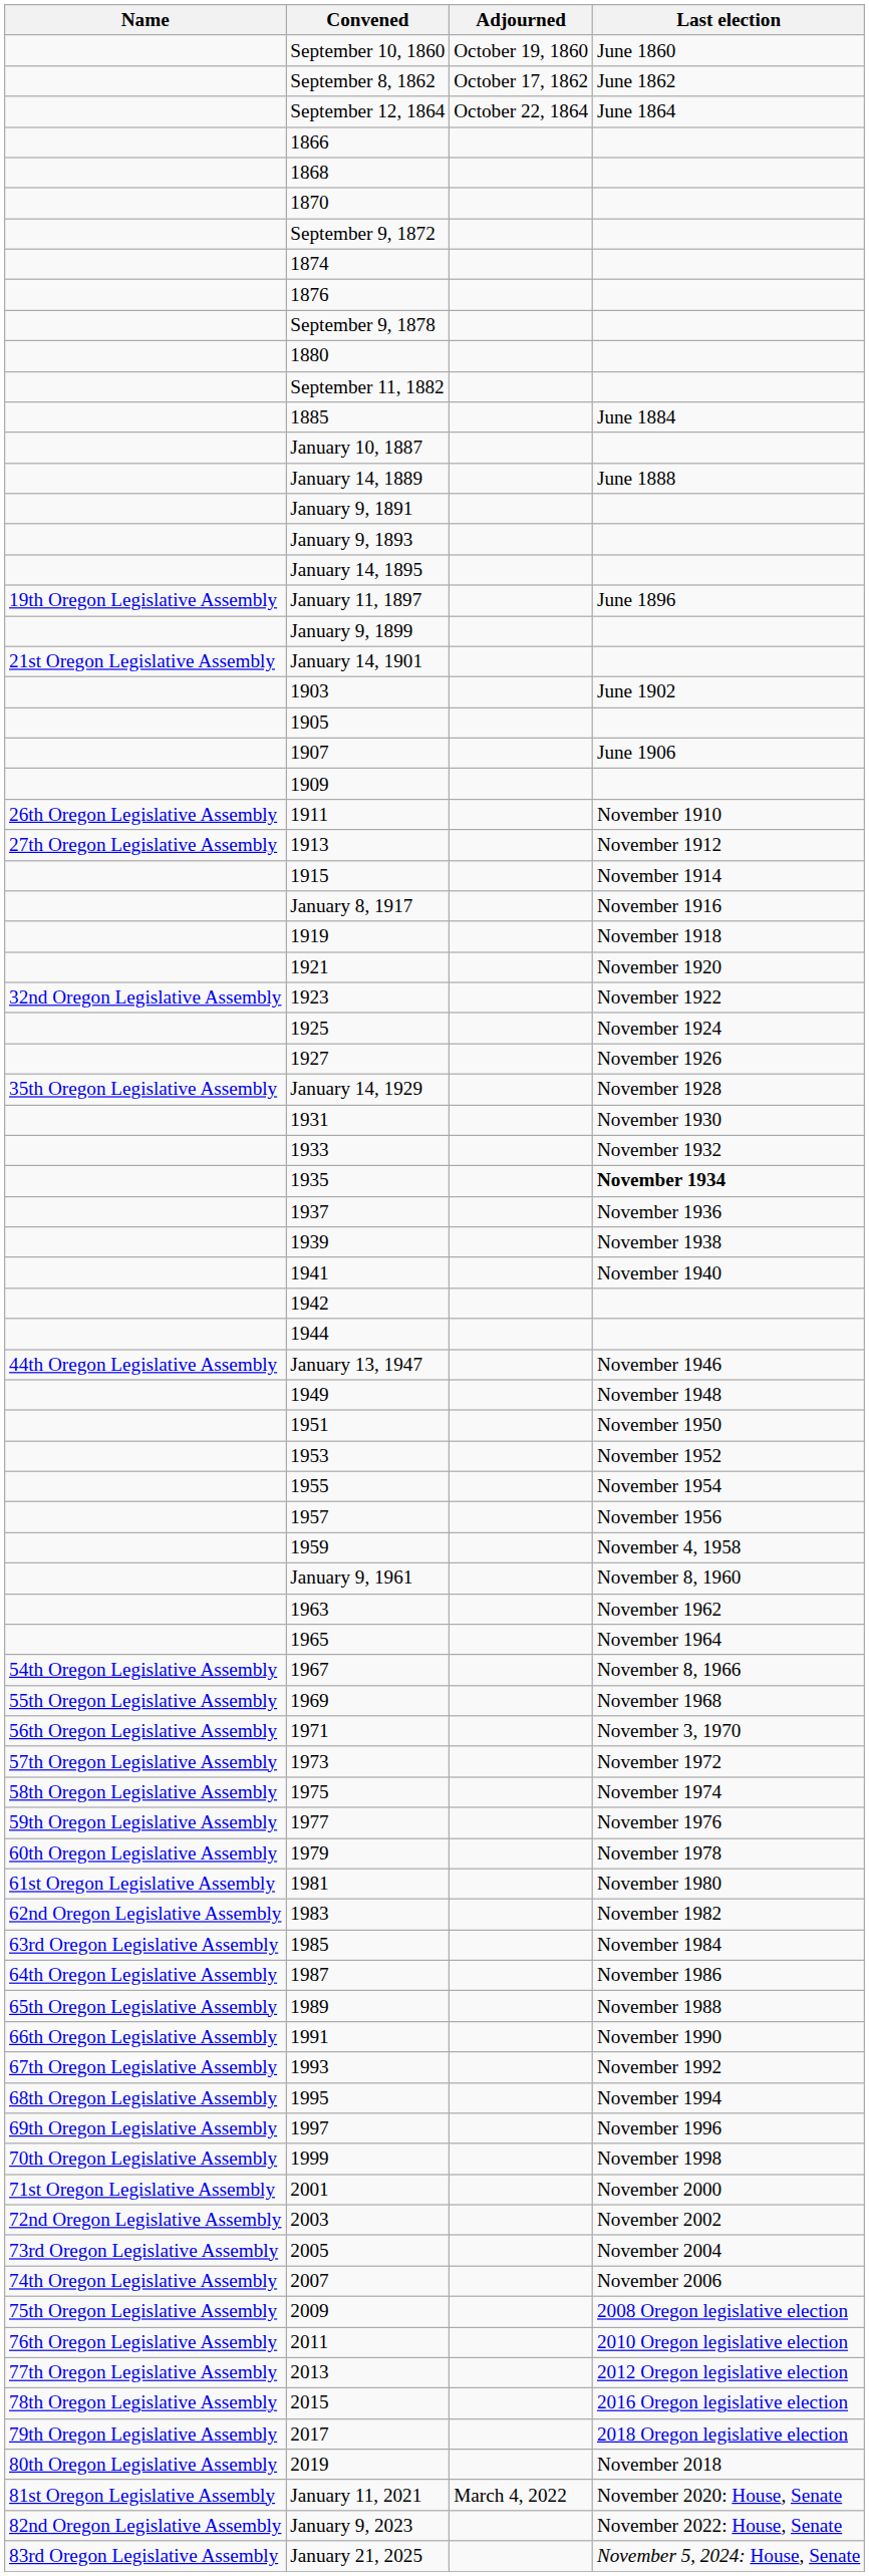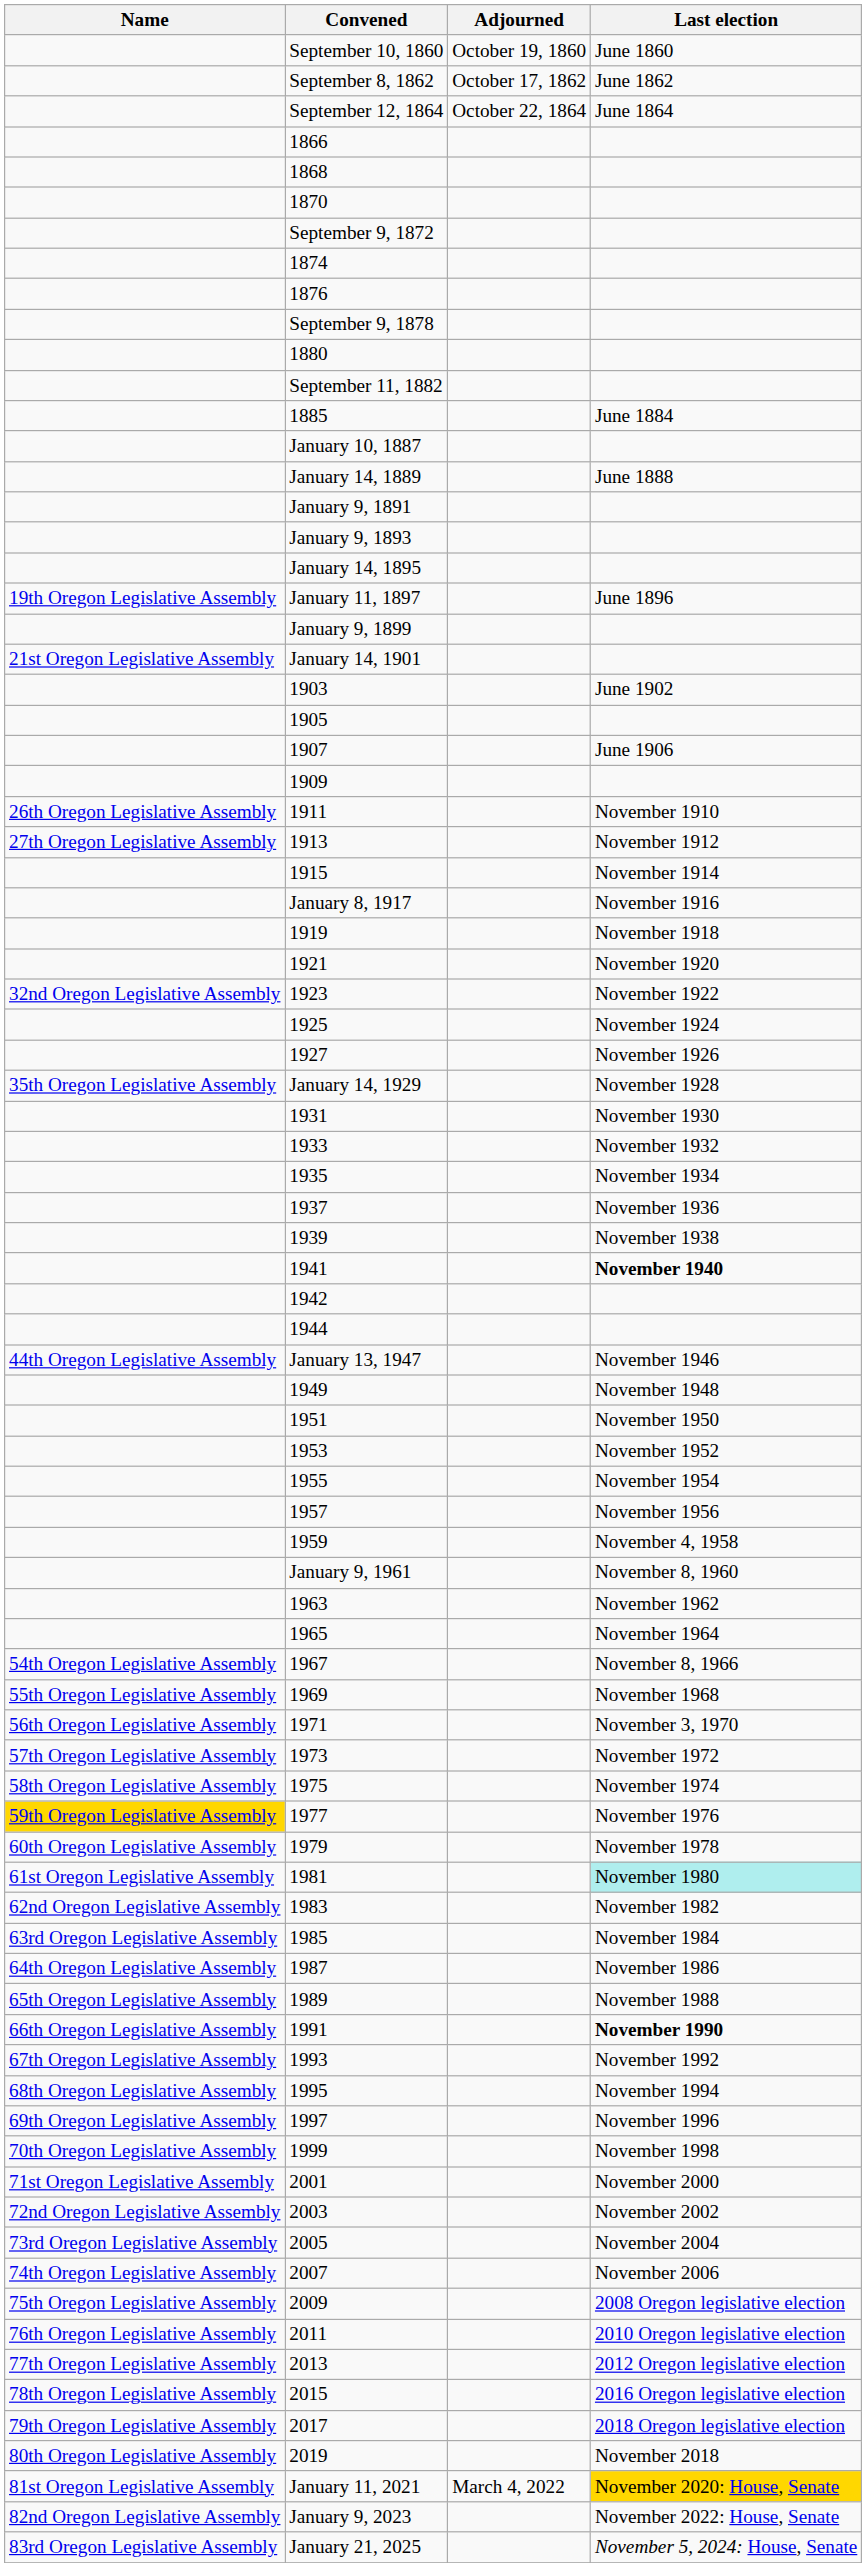 <table class="wikitable mw-datatable sticky-header">
 <tr>
 <th>Name</th>
 <th>Convened</th>
 <th>Adjourned</th>
 <th>Last election</th>
 </tr>
 <tr>
 <td></td>
 <td>September 10, 1860</td>
 <td>October 19, 1860</td>
 <td>June 1860</td>
 </tr>
 <tr>
 <td></td>
 <td>September 8, 1862</td>
 <td>October 17, 1862</td>
 <td>June 1862</td>
 </tr>
 <tr>
 <td></td>
 <td>September 12, 1864</td>
 <td>October 22, 1864</td>
 <td>June 1864</td>
 </tr>
 <tr>
 <td></td>
 <td>1866</td>
 <td></td>
 <td></td>
 </tr>
 <tr>
 <td></td>
 <td>1868</td>
 <td></td>
 <td></td>
 </tr>
 <tr>
 <td></td>
 <td>1870</td>
 <td></td>
 <td></td>
 </tr>
 <tr>
 <td></td>
 <td>September 9, 1872 </td>
 <td></td>
 <td></td>
 </tr>
 <tr>
 <td></td>
 <td>1874</td>
 <td></td>
 <td></td>
 </tr>
 <tr>
 <td></td>
 <td>1876</td>
 <td></td>
 <td></td>
 </tr>
 <tr>
 <td></td>
 <td>September 9, 1878 </td>
 <td></td>
 <td></td>
 </tr>
 <tr>
 <td></td>
 <td>1880</td>
 <td></td>
 <td></td>
 </tr>
 <tr>
 <td></td>
 <td>September 11, 1882 </td>
 <td></td>
 <td></td>
 </tr>
 <tr>
 <td></td>
 <td>1885</td>
 <td></td>
 <td>June 1884 </td>
 </tr>
 <tr>
 <td></td>
 <td>January 10, 1887 </td>
 <td></td>
 <td></td>
 </tr>
 <tr>
 <td></td>
 <td>January 14, 1889 </td>
 <td></td>
 <td>June 1888 </td>
 </tr>
 <tr>
 <td></td>
 <td>January 9, 1891 </td>
 <td></td>
 <td></td>
 </tr>
 <tr>
 <td></td>
 <td>January 9, 1893 </td>
 <td></td>
 <td></td>
 </tr>
 <tr>
 <td></td>
 <td>January 14, 1895 </td>
 <td></td>
 <td></td>
 </tr>
 <tr>
 <td><a href='#'>19th Oregon Legislative Assembly</a></td>
 <td>January 11, 1897 </td>
 <td></td>
 <td>June 1896 </td>
 </tr>
 <tr>
 <td></td>
 <td>January 9, 1899 </td>
 <td></td>
 <td></td>
 </tr>
 <tr>
 <td><a href='#'>21st Oregon Legislative Assembly</a></td>
 <td>January 14, 1901</td>
 <td></td>
 <td></td>
 </tr>
 <tr>
 <td></td>
 <td>1903</td>
 <td></td>
 <td>June 1902</td>
 </tr>
 <tr>
 <td></td>
 <td>1905</td>
 <td></td>
 <td></td>
 </tr>
 <tr>
 <td></td>
 <td>1907</td>
 <td></td>
 <td>June 1906</td>
 </tr>
 <tr>
 <td></td>
 <td>1909</td>
 <td></td>
 <td></td>
 </tr>
 <tr>
 <td><a href='#'>26th Oregon Legislative Assembly</a></td>
 <td>1911</td>
 <td></td>
 <td>November 1910 </td>
 </tr>
 <tr>
 <td><a href='#'>27th Oregon Legislative Assembly</a></td>
 <td>1913 </td>
 <td></td>
 <td>November 1912</td>
 </tr>
 <tr>
 <td></td>
 <td>1915 </td>
 <td></td>
 <td>November 1914</td>
 </tr>
 <tr>
 <td></td>
 <td>January 8, 1917 </td>
 <td></td>
 <td>November 1916</td>
 </tr>
 <tr>
 <td></td>
 <td>1919 </td>
 <td></td>
 <td>November 1918</td>
 </tr>
 <tr>
 <td></td>
 <td>1921 </td>
 <td></td>
 <td>November 1920</td>
 </tr>
 <tr>
 <td><a href='#'>32nd Oregon Legislative Assembly</a></td>
 <td>1923 </td>
 <td></td>
 <td>November 1922</td>
 </tr>
 <tr>
 <td></td>
 <td>1925 </td>
 <td></td>
 <td>November 1924</td>
 </tr>
 <tr>
 <td></td>
 <td>1927 </td>
 <td></td>
 <td>November 1926</td>
 </tr>
 <tr>
 <td><a href='#'>35th Oregon Legislative Assembly</a></td>
 <td>January 14, 1929</td>
 <td></td>
 <td>November 1928</td>
 </tr>
 <tr>
 <td></td>
 <td>1931</td>
 <td></td>
 <td>November 1930</td>
 </tr>
 <tr>
 <td></td>
 <td>1933</td>
 <td></td>
 <td>November 1932</td>
 </tr>
 <tr>
 <td></td>
 <td>1935</td>
 <td></td>
-<td><strong>November 1934</strong></td>
+<td>November 1934</td>
 </tr>
 <tr>
 <td></td>
 <td>1937</td>
 <td></td>
 <td>November 1936</td>
 </tr>
 <tr>
 <td></td>
 <td>1939</td>
 <td></td>
 <td>November 1938</td>
 </tr>
 <tr>
 <td></td>
 <td>1941</td>
 <td></td>
-<td>November 1940</td>
+<td><strong>November 1940</strong></td>
 </tr>
 <tr>
 <td></td>
 <td>1942</td>
 <td></td>
 <td></td>
 </tr>
 <tr>
 <td></td>
 <td>1944</td>
 <td></td>
 <td></td>
 </tr>
 <tr>
 <td><a href='#'>44th Oregon Legislative Assembly</a></td>
 <td>January 13, 1947</td>
 <td></td>
 <td>November 1946</td>
 </tr>
 <tr>
 <td></td>
 <td>1949</td>
 <td></td>
 <td>November 1948</td>
 </tr>
 <tr>
 <td></td>
 <td>1951</td>
 <td></td>
 <td>November 1950</td>
 </tr>
 <tr>
 <td></td>
 <td>1953</td>
 <td></td>
 <td>November 1952</td>
 </tr>
 <tr>
 <td></td>
 <td>1955</td>
 <td></td>
 <td>November 1954</td>
 </tr>
 <tr>
 <td></td>
 <td>1957</td>
 <td></td>
 <td>November 1956</td>
 </tr>
 <tr>
 <td></td>
 <td>1959</td>
 <td></td>
 <td>November 4, 1958 </td>
 </tr>
 <tr>
 <td></td>
 <td>January 9, 1961 </td>
 <td></td>
 <td>November 8, 1960 </td>
 </tr>
 <tr>
 <td></td>
 <td>1963</td>
 <td></td>
 <td>November 1962</td>
 </tr>
 <tr>
 <td></td>
 <td>1965</td>
 <td></td>
 <td>November 1964</td>
 </tr>
 <tr>
 <td><a href='#'>54th Oregon Legislative Assembly</a></td>
 <td>1967</td>
 <td></td>
 <td>November 8, 1966 </td>
 </tr>
 <tr>
 <td><a href='#'>55th Oregon Legislative Assembly</a></td>
 <td>1969</td>
 <td></td>
 <td>November 1968</td>
 </tr>
 <tr>
 <td><a href='#'>56th Oregon Legislative Assembly</a></td>
 <td>1971</td>
 <td></td>
 <td>November 3, 1970 </td>
 </tr>
 <tr>
 <td><a href='#'>57th Oregon Legislative Assembly</a></td>
 <td>1973</td>
 <td></td>
 <td>November 1972</td>
 </tr>
 <tr>
 <td><a href='#'>58th Oregon Legislative Assembly</a></td>
 <td>1975</td>
 <td></td>
 <td>November 1974</td>
 </tr>
 <tr>
-<td><a href='#'>59th Oregon Legislative Assembly</a></td>
+<td style="background: gold;"><a href='#'>59th Oregon Legislative Assembly</a></td>
 <td>1977</td>
 <td></td>
 <td>November 1976</td>
 </tr>
 <tr>
 <td><a href='#'>60th Oregon Legislative Assembly</a></td>
 <td>1979</td>
 <td></td>
 <td>November 1978</td>
 </tr>
 <tr>
 <td><a href='#'>61st Oregon Legislative Assembly</a></td>
 <td>1981</td>
 <td></td>
-<td>November 1980</td>
+<td style="background: paleturquoise;">November 1980</td>
 </tr>
 <tr>
 <td><a href='#'>62nd Oregon Legislative Assembly</a></td>
 <td>1983</td>
 <td></td>
 <td>November 1982</td>
 </tr>
 <tr>
 <td><a href='#'>63rd Oregon Legislative Assembly</a></td>
 <td>1985</td>
 <td></td>
 <td>November 1984</td>
 </tr>
 <tr>
 <td><a href='#'>64th Oregon Legislative Assembly</a></td>
 <td>1987</td>
 <td></td>
 <td>November 1986</td>
 </tr>
 <tr>
 <td><a href='#'>65th Oregon Legislative Assembly</a></td>
 <td>1989</td>
 <td></td>
 <td>November 1988</td>
 </tr>
 <tr>
 <td><a href='#'>66th Oregon Legislative Assembly</a></td>
 <td>1991</td>
 <td></td>
-<td>November 1990</td>
+<td><strong>November 1990</strong></td>
 </tr>
 <tr>
 <td><a href='#'>67th Oregon Legislative Assembly</a></td>
 <td>1993</td>
 <td></td>
 <td>November 1992</td>
 </tr>
 <tr>
 <td><a href='#'>68th Oregon Legislative Assembly</a></td>
 <td>1995</td>
 <td></td>
 <td>November 1994</td>
 </tr>
 <tr>
 <td><a href='#'>69th Oregon Legislative Assembly</a></td>
 <td>1997</td>
 <td></td>
 <td>November 1996</td>
 </tr>
 <tr>
 <td><a href='#'>70th Oregon Legislative Assembly</a></td>
 <td>1999</td>
 <td></td>
 <td>November 1998</td>
 </tr>
 <tr>
 <td><a href='#'>71st Oregon Legislative Assembly</a></td>
 <td>2001</td>
 <td></td>
 <td>November 2000</td>
 </tr>
 <tr>
 <td><a href='#'>72nd Oregon Legislative Assembly</a></td>
 <td>2003</td>
 <td></td>
 <td>November 2002</td>
 </tr>
 <tr>
 <td><a href='#'>73rd Oregon Legislative Assembly</a></td>
 <td>2005</td>
 <td></td>
 <td>November 2004</td>
 </tr>
 <tr>
 <td><a href='#'>74th Oregon Legislative Assembly</a></td>
 <td>2007</td>
 <td></td>
 <td>November 2006</td>
 </tr>
 <tr>
 <td><a href='#'>75th Oregon Legislative Assembly</a></td>
 <td>2009</td>
 <td></td>
 <td><a href='#'>2008 Oregon legislative election</a></td>
 </tr>
 <tr>
 <td><a href='#'>76th Oregon Legislative Assembly</a></td>
 <td>2011</td>
 <td></td>
 <td><a href='#'>2010 Oregon legislative election</a></td>
 </tr>
 <tr>
 <td><a href='#'>77th Oregon Legislative Assembly</a></td>
 <td>2013</td>
 <td></td>
 <td><a href='#'>2012 Oregon legislative election</a></td>
 </tr>
 <tr>
 <td><a href='#'>78th Oregon Legislative Assembly</a></td>
 <td>2015</td>
 <td></td>
 <td><a href='#'>2016 Oregon legislative election</a></td>
 </tr>
 <tr>
 <td><a href='#'>79th Oregon Legislative Assembly</a></td>
 <td>2017</td>
 <td></td>
 <td><a href='#'>2018 Oregon legislative election</a></td>
 </tr>
 <tr>
 <td><a href='#'>80th Oregon Legislative Assembly</a></td>
 <td>2019</td>
 <td></td>
 <td>November 2018</td>
 </tr>
 <tr>
 <td><a href='#'>81st Oregon Legislative Assembly</a></td>
 <td>January 11, 2021</td>
 <td>March 4, 2022</td>
-<td>November 2020: <a href='#'>House</a>, <a href='#'>Senate</a></td>
+<td style="background: gold;">November 2020: <a href='#'>House</a>, <a href='#'>Senate</a></td>
 </tr>
 <tr>
 <td><a href='#'>82nd Oregon Legislative Assembly</a></td>
 <td>January 9, 2023</td>
 <td></td>
 <td>November 2022: <a href='#'>House</a>, <a href='#'>Senate</a></td>
 </tr>
 <tr>
 <td><a href='#'>83rd Oregon Legislative Assembly</a></td>
 <td>January 21, 2025</td>
 <td></td>
 <td><em> November 5, 2024:</em> <a href='#'>House</a>, <a href='#'>Senate</a></td>
 </tr>
 <tr>
 </tr>
 </table>
